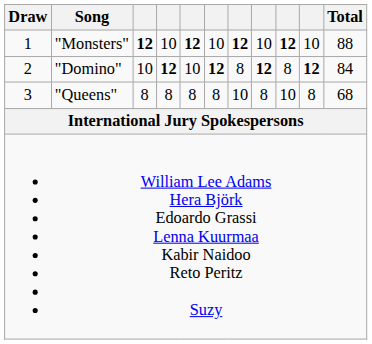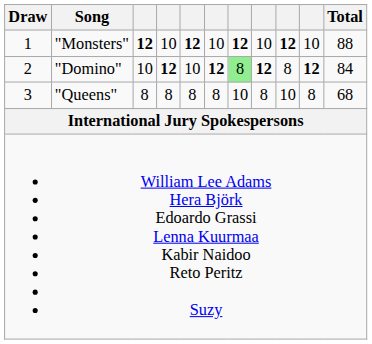 <table class="wikitable" style="margin: 1em auto 1em auto; text-align:center;">
 <tr>
 <th>Draw</th>
 <th>Song</th>
 <th><br></th>
 <th><br></th>
 <th><br></th>
 <th><br></th>
 <th><br></th>
 <th><br></th>
 <th><br></th>
 <th><br></th>
 <th>Total</th>
 </tr>
 <tr>
 <td>1</td>
 <td align="left">"Monsters"</td>
 <td><strong>12</strong></td>
 <td>10</td>
 <td><strong>12</strong></td>
 <td>10</td>
 <td><strong>12</strong></td>
 <td>10</td>
 <td><strong>12</strong></td>
 <td>10</td>
 <td>88</td>
 </tr>
 <tr>
 <td>2</td>
 <td align="left">"Domino"</td>
 <td>10</td>
 <td><strong>12</strong></td>
 <td>10</td>
 <td><strong>12</strong></td>
-<td>8</td>
+<td style="background: lightgreen;">8</td>
 <td><strong>12</strong></td>
 <td>8</td>
 <td><strong>12</strong></td>
 <td>84</td>
 </tr>
 <tr>
 <td>3</td>
 <td align="left">"Queens"</td>
 <td>8</td>
 <td>8</td>
 <td>8</td>
 <td>8</td>
 <td>10</td>
 <td>8</td>
 <td>10</td>
 <td>8</td>
 <td>68</td>
 </tr>
 <tr>
 <th colspan="11">International Jury Spokespersons</th>
 </tr>
 <tr>
 <td colspan="11"><br><ul><li> <a href='#'>William Lee Adams</a></li><li> <a href='#'>Hera Björk</a></li><li> Edoardo Grassi</li><li> <a href='#'>Lenna Kuurmaa</a></li><li> Kabir Naidoo</li><li> Reto Peritz</li><li> </li><li> <a href='#'>Suzy</a></li></ul></td>
 </tr>
 </table>
